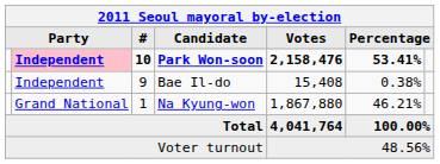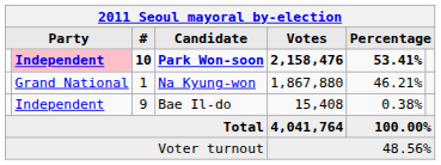 <table class="wikitable">
 <tr>
 <th colspan="7"><a href='#'>2011 Seoul mayoral by-election</a></th>
 </tr>
 <tr>
 <th style="background-color:#E9E9E9" colspan=2>Party</th>
 <th style="background-color:#E9E9E9">#</th>
 <th style="background-color:#E9E9E9">Candidate</th>
 <th style="background-color:#E9E9E9">Votes</th>
 <th style="background-color:#E9E9E9" colspan=2>Percentage</th>
 </tr>
 <tr style="font-weight:bold">
 <td></td>
 <td align=left style="background: pink;"><a href='#'>Independent</a></td>
 <td align=center>10</td>
 <td align=left><a href='#'>Park Won-soon</a></td>
 <td align=right>2,158,476</td>
 <td align=right>53.41%</td>
 <td align=right></td>
 </tr>
 <tr>
 <td></td>
+<td align=left><a href='#'>Grand National</a></td>
+<td align=center>1</td>
+<td align=left><a href='#'>Na Kyung-won</a></td>
+<td align=right>1,867,880</td>
+<td align=right>46.21%</td>
+<td align=right></td>
+</tr>
+<tr>
+<td></td>
 <td align=left><a href='#'>Independent</a></td>
 <td align=center>9</td>
 <td align=left>Bae Il-do</td>
 <td align=right>15,408</td>
 <td align=right>0.38%</td>
-<td align=right></td>
-</tr>
-<tr>
-<td></td>
-<td align=left><a href='#'>Grand National</a></td>
-<td align=center>1</td>
-<td align=left><a href='#'>Na Kyung-won</a></td>
-<td align=right>1,867,880</td>
-<td align=right>46.21%</td>
 <td align=right></td>
 </tr>
 <tr bgcolor="#EEEEEE" style="font-weight:bold">
 <td colspan="4" align=right>Total</td>
 <td align=right>4,041,764</td>
 <td align=right colspan=2>100.00%</td>
 </tr>
 <tr bgcolor="#EEEEEE">
 <td colspan="4" align="right">Voter turnout</td>
 <td colspan="3" align="right">48.56%</td>
 </tr>
 </table>
